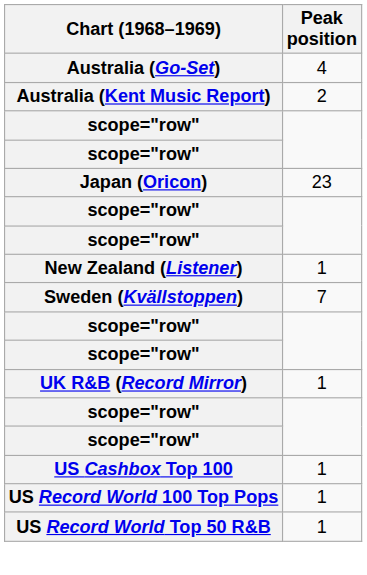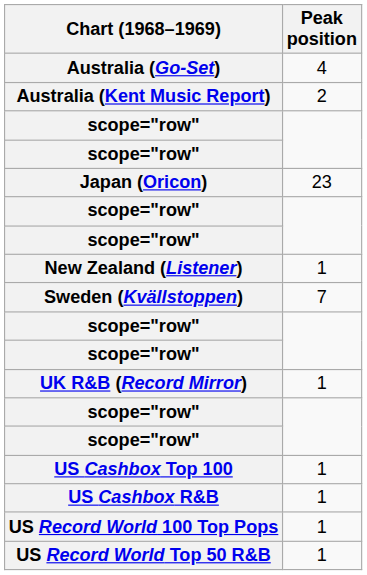 <table class="wikitable sortable plainrowheaders">
 <tr>
 <th scope="col">Chart (1968–1969)</th>
 <th scope="col">Peak<br>position</th>
 </tr>
 <tr>
 <th scope="row">Australia (<em><a href='#'>Go-Set</a></em>)</th>
 <td align="center">4</td>
 </tr>
 <tr>
 <th scope="row">Australia (<a href='#'>Kent Music Report</a>)</th>
 <td align="center">2</td>
 </tr>
 <tr>
 <th>scope="row" </th>
 </tr>
 <tr>
 <th>scope="row" </th>
 </tr>
 <tr>
 <th scope="row">Japan (<a href='#'>Oricon</a>)</th>
 <td style="text-align:center;">23</td>
 </tr>
 <tr>
 <th>scope="row" </th>
 </tr>
 <tr>
 <th>scope="row" </th>
 </tr>
 <tr>
 <th scope="row">New Zealand (<em><a href='#'>Listener</a></em>)</th>
 <td style="text-align:center;">1</td>
 </tr>
 <tr>
 <th scope="row">Sweden (<em><a href='#'>Kvällstoppen</a></em>)</th>
 <td align="center">7</td>
 </tr>
 <tr>
 <th>scope="row" </th>
 </tr>
 <tr>
 <th>scope="row" </th>
 </tr>
 <tr>
 <th scope="row"><a href='#'>UK R&B</a> (<em><a href='#'>Record Mirror</a></em>)</th>
 <td align="center">1</td>
 </tr>
 <tr>
 <th>scope="row" </th>
 </tr>
 <tr>
 <th>scope="row" </th>
 </tr>
 <tr>
 <th scope="row"><a href='#'>US <em>Cashbox</em> Top 100</a></th>
 <td style="text-align:center;">1</td>
 </tr>
 <tr>
+<th scope="row"><a href='#'>US <em>Cashbox</em> R&B</a></th>
+<td style="text-align:center;">1</td>
+</tr>
+<tr>
 <th scope="row">US <a href='#'><em>Record World</em> 100 Top Pops</a></th>
 <td style="text-align:center;">1</td>
 </tr>
 <tr>
 <th scope="row">US <a href='#'><em>Record World</em> Top 50 R&B</a></th>
 <td style="text-align:center;">1</td>
 </tr>
 </table>
